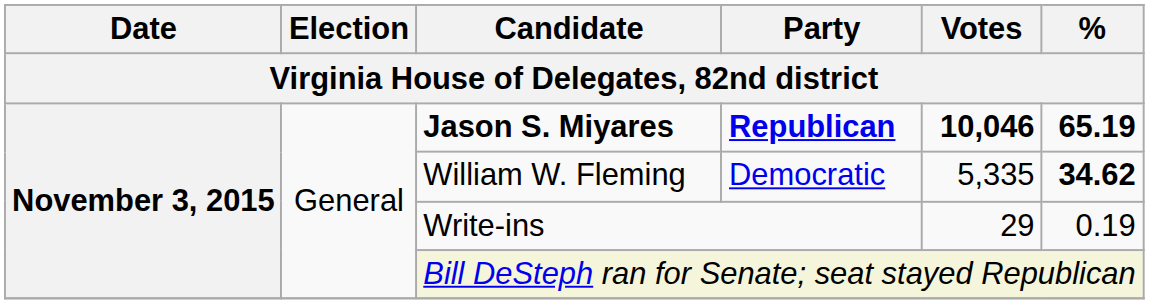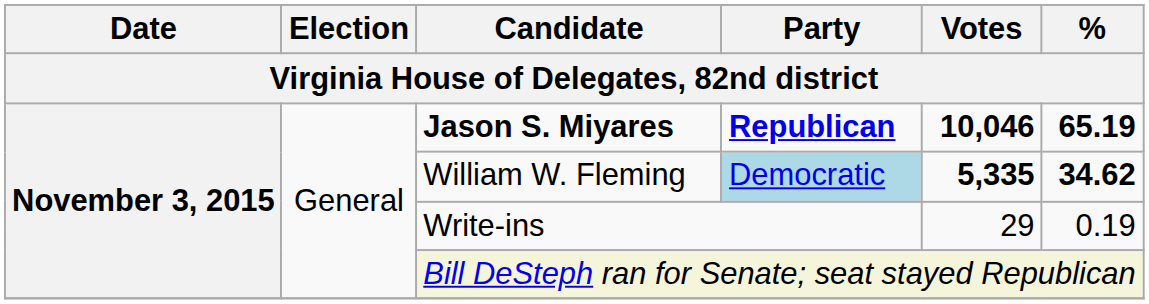 <table class="wikitable">
 <tr>
 <th>Date</th>
 <th>Election</th>
 <th>Candidate</th>
 <th>Party</th>
 <th>Votes</th>
 <th>%</th>
 </tr>
 <tr>
 <th colspan="6">Virginia House of Delegates, 82nd district</th>
 </tr>
 <tr>
 <th rowspan="4">November 3, 2015</th>
 <td rowspan="4" align="center">General</td>
 <td><strong>Jason S. Miyares</strong></td>
 <td><strong><a href='#'>Republican</a></strong></td>
 <td align="right"><strong>10,046</strong></td>
 <td align="right"><strong>65.19</strong></td>
 </tr>
 <tr>
 <td>William W. Fleming</td>
-<td><a href='#'>Democratic</a></td>
-<td align="right">5,335</td>
+<td style="background: lightblue;"><a href='#'>Democratic</a></td>
+<td align="right"><strong>5,335</strong></td>
 <td align="right"><strong>34.62</strong></td>
 </tr>
 <tr>
 <td colspan="2">Write-ins</td>
 <td align="right">29</td>
 <td align="right">0.19</td>
 </tr>
 <tr>
 <td colspan="4" style="background:Beige"><em><a href='#'>Bill DeSteph</a> ran for Senate; seat stayed Republican</em></td>
 </tr>
 <tr>
 </tr>
 </table>
